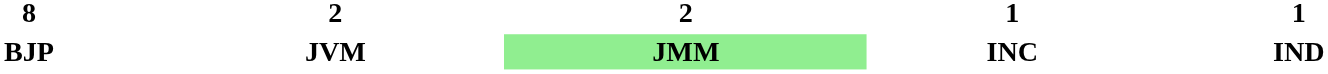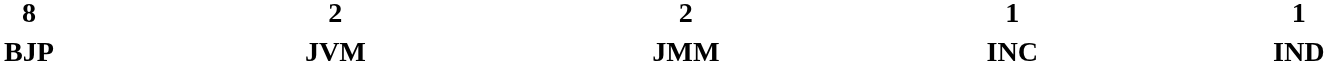 <table style="width:100%; text-align:center;">
 <tr>
 <td style="background:"><strong>8</strong></td>
 <td style="background:"><strong>2</strong></td>
 <td style="background:"><strong>2</strong></td>
 <td style="background:"><strong>1</strong></td>
 <td style="background:"><strong>1</strong></td>
 </tr>
 <tr>
 <td><span><strong>BJP</strong></span></td>
 <td><span><strong>JVM</strong></span></td>
-<td style="background: lightgreen;"><span><strong>JMM</strong></span></td>
+<td><span><strong>JMM</strong></span></td>
 <td><span><strong>INC</strong></span></td>
 <td><span><strong>IND</strong></span></td>
 </tr>
 </table>
